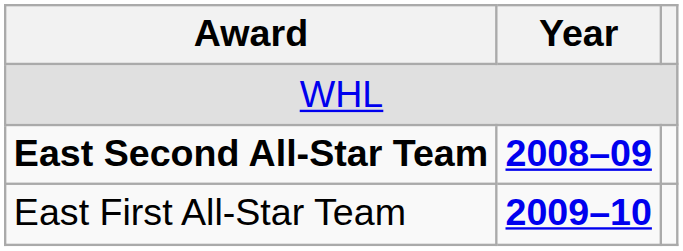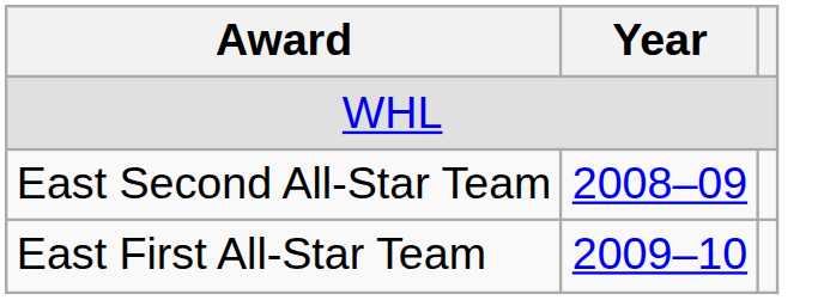 <table class="wikitable">
 <tr>
 <th>Award</th>
 <th>Year</th>
 <th></th>
 </tr>
 <tr ALIGN="center" bgcolor="#e0e0e0">
 <td colspan="3"><a href='#'>WHL</a></td>
 </tr>
 <tr>
-<td><strong>East Second All-Star Team</strong></td>
-<td><strong><a href='#'>2008–09</a></strong></td>
+<td>East Second All-Star Team</td>
+<td><a href='#'>2008–09</a></td>
 <td></td>
 </tr>
 <tr>
 <td>East First All-Star Team</td>
-<td><strong><a href='#'>2009–10</a></strong></td>
+<td><a href='#'>2009–10</a></td>
 <td></td>
 </tr>
 </table>
